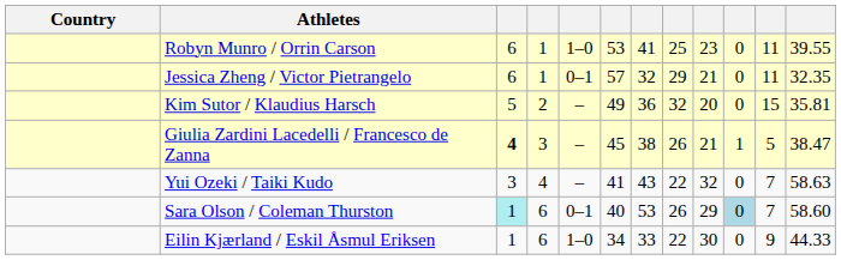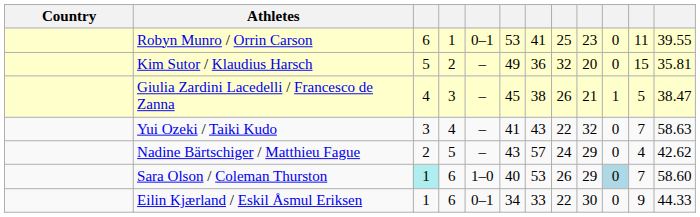 <table class=wikitable style="text-align:center;">
 <tr>
 <th width=130>Country</th>
 <th width=290>Athletes</th>
 <th width=20></th>
 <th width=20></th>
 <th width=30></th>
 <th width=20></th>
 <th width=20></th>
 <th width=20></th>
 <th width=20></th>
 <th width=20></th>
 <th width=20></th>
 <th width=20></th>
 </tr>
 <tr style="background:#ffffcc">
 <td style="text-align:left;"></td>
 <td style="text-align:left;"><a href='#'>Robyn Munro</a> / <a href='#'>Orrin Carson</a></td>
 <td>6</td>
 <td>1</td>
-<td>1–0</td>
+<td>0–1</td>
 <td>53</td>
 <td>41</td>
 <td>25</td>
 <td>23</td>
 <td>0</td>
 <td>11</td>
 <td>39.55</td>
-</tr>
-<tr style="background:#ffffcc">
-<td style="text-align:left;"></td>
-<td style="text-align:left;"><a href='#'>Jessica Zheng</a> / <a href='#'>Victor Pietrangelo</a></td>
-<td>6</td>
-<td>1</td>
-<td>0–1</td>
-<td>57</td>
-<td>32</td>
-<td>29</td>
-<td>21</td>
-<td>0</td>
-<td>11</td>
-<td>32.35</td>
 </tr>
 <tr style="background:#ffffcc">
 <td style="text-align:left;"></td>
 <td style="text-align:left;"><a href='#'>Kim Sutor</a> / <a href='#'>Klaudius Harsch</a></td>
 <td>5</td>
 <td>2</td>
 <td>–</td>
 <td>49</td>
 <td>36</td>
 <td>32</td>
 <td>20</td>
 <td>0</td>
 <td>15</td>
 <td>35.81</td>
 </tr>
 <tr style="background:#ffffcc">
 <td style="text-align:left;"></td>
 <td style="text-align:left;"><a href='#'>Giulia Zardini Lacedelli</a> / <a href='#'>Francesco de Zanna</a></td>
-<td><strong>4</strong></td>
+<td>4</td>
 <td>3</td>
 <td>–</td>
 <td>45</td>
 <td>38</td>
 <td>26</td>
 <td>21</td>
 <td>1</td>
 <td>5</td>
 <td>38.47</td>
 </tr>
 <tr>
 <td style="text-align:left;"></td>
 <td style="text-align:left;"><a href='#'>Yui Ozeki</a> / <a href='#'>Taiki Kudo</a></td>
 <td>3</td>
 <td>4</td>
 <td>–</td>
 <td>41</td>
 <td>43</td>
 <td>22</td>
 <td>32</td>
 <td>0</td>
 <td>7</td>
 <td>58.63</td>
 </tr>
 <tr>
 <td style="text-align:left;"></td>
+<td style="text-align:left;"><a href='#'>Nadine Bärtschiger</a> / <a href='#'>Matthieu Fague</a></td>
+<td>2</td>
+<td>5</td>
+<td>–</td>
+<td>43</td>
+<td>57</td>
+<td>24</td>
+<td>29</td>
+<td>0</td>
+<td>4</td>
+<td>42.62</td>
+</tr>
+<tr>
+<td style="text-align:left;"></td>
 <td style="text-align:left;"><a href='#'>Sara Olson</a> / <a href='#'>Coleman Thurston</a></td>
 <td style="background: paleturquoise;">1</td>
 <td>6</td>
-<td>0–1</td>
+<td>1–0</td>
 <td>40</td>
 <td>53</td>
 <td>26</td>
 <td>29</td>
 <td style="background: lightblue;">0</td>
 <td>7</td>
 <td>58.60</td>
 </tr>
 <tr>
 <td style="text-align:left;"></td>
 <td style="text-align:left;"><a href='#'>Eilin Kjærland</a> / <a href='#'>Eskil Åsmul Eriksen</a></td>
 <td>1</td>
 <td>6</td>
-<td>1–0</td>
+<td>0–1</td>
 <td>34</td>
 <td>33</td>
 <td>22</td>
 <td>30</td>
 <td>0</td>
 <td>9</td>
 <td>44.33</td>
 </tr>
 </table>
